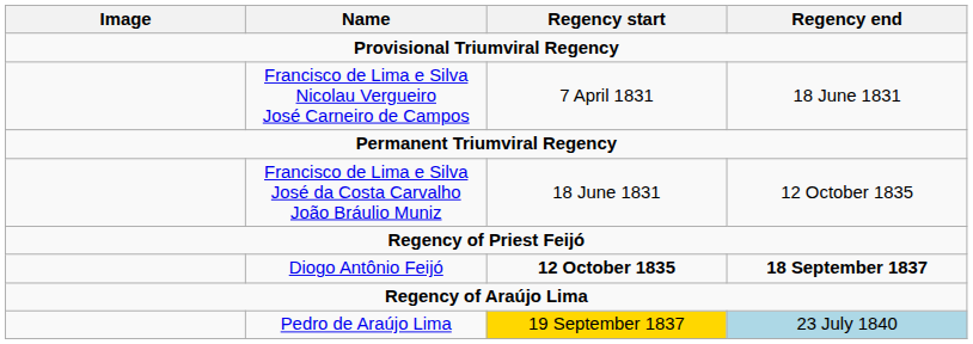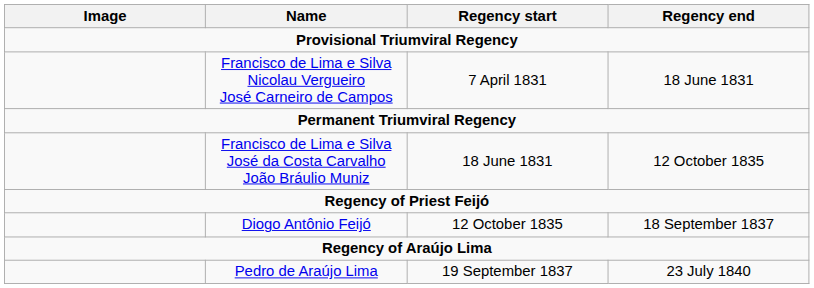 <table width=98% class="wikitable" style="text-align:center">
 <tr>
 <th width=20%>Image</th>
 <th width=20%>Name</th>
 <th width=20%>Regency start</th>
 <th width=20%>Regency end</th>
 </tr>
 <tr>
 <td colspan=7><strong>Provisional Triumviral Regency</strong></td>
 </tr>
 <tr>
 <td align="center">  </td>
 <td align="center"><a href='#'>Francisco de Lima e Silva</a><br><a href='#'>Nicolau Vergueiro</a><br><a href='#'>José Carneiro de Campos</a></td>
 <td align="center">7 April 1831</td>
 <td align="center">18 June 1831</td>
 </tr>
 <tr>
 <td colspan=7><strong>Permanent Triumviral Regency</strong></td>
 </tr>
 <tr>
 <td align="center">  </td>
 <td align="center"><a href='#'>Francisco de Lima e Silva</a><br><a href='#'>José da Costa Carvalho</a><br><a href='#'>João Bráulio Muniz</a></td>
 <td align="center">18 June 1831</td>
 <td align="center">12 October 1835</td>
 </tr>
 <tr>
 <td colspan=7><strong>Regency of Priest Feijó</strong></td>
 </tr>
 <tr>
 <td align="center"></td>
 <td align="center"><a href='#'>Diogo Antônio Feijó</a></td>
-<td align="center"><strong>12 October 1835</strong></td>
-<td align="center"><strong>18 September 1837</strong></td>
+<td align="center">12 October 1835</td>
+<td align="center">18 September 1837</td>
 </tr>
 <tr>
 <td colspan=7><strong>Regency of Araújo Lima</strong></td>
 </tr>
 <tr>
 <td align="center"></td>
 <td align="center"><a href='#'>Pedro de Araújo Lima</a></td>
-<td align="center" style="background: gold;">19 September 1837</td>
-<td align="center" style="background: lightblue;">23 July 1840</td>
+<td align="center">19 September 1837</td>
+<td align="center">23 July 1840</td>
 </tr>
 </table>
